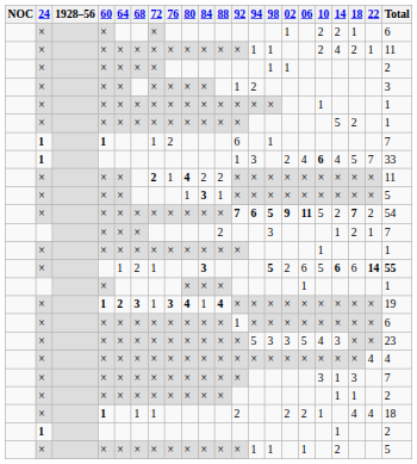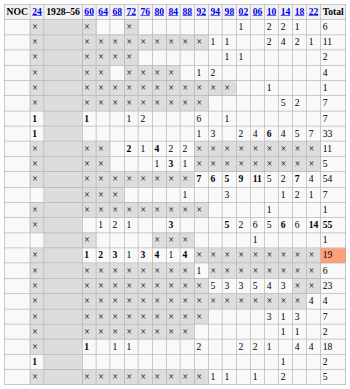 <table class=wikitable collapsible autocollapse plainrowheaders>
 <tr>
 <th>NOC</th>
 <th><a href='#'>24</a></th>
 <th class="unsortable"><span>1928–56</span></th>
 <th><a href='#'>60</a></th>
 <th><a href='#'>64</a></th>
 <th><a href='#'>68</a></th>
 <th><a href='#'>72</a></th>
 <th><a href='#'>76</a></th>
 <th><a href='#'>80</a></th>
 <th><a href='#'>84</a></th>
 <th><a href='#'>88</a></th>
 <th><a href='#'>92</a></th>
 <th><a href='#'>94</a></th>
 <th><a href='#'>98</a></th>
 <th><a href='#'>02</a></th>
 <th><a href='#'>06</a></th>
 <th><a href='#'>10</a></th>
 <th><a href='#'>14</a></th>
 <th><a href='#'>18</a></th>
 <th><a href='#'>22</a></th>
 <th>Total</th>
 </tr>
 <tr>
 <td align=left></td>
 <td style="background:#ddd">×</td>
 <td style="background:#ddd"> </td>
 <td style="background:#ddd">×</td>
 <td></td>
 <td></td>
 <td style="background:#ddd">×</td>
 <td></td>
 <td></td>
 <td></td>
 <td></td>
 <td></td>
 <td></td>
 <td></td>
 <td>1</td>
 <td></td>
 <td>2</td>
 <td>2</td>
 <td>1</td>
 <td></td>
 <td>6</td>
 </tr>
 <tr>
 <td align=left></td>
 <td style="background:#ddd">×</td>
 <td style="background:#ddd"> </td>
 <td style="background:#ddd">×</td>
 <td style="background:#ddd">×</td>
 <td style="background:#ddd">×</td>
 <td style="background:#ddd">×</td>
 <td style="background:#ddd">×</td>
 <td style="background:#ddd">×</td>
 <td style="background:#ddd">×</td>
 <td style="background:#ddd">×</td>
 <td style="background:#ddd">×</td>
 <td>1</td>
 <td>1</td>
 <td></td>
 <td></td>
 <td>2</td>
 <td>4</td>
 <td>2</td>
 <td>1</td>
 <td>11</td>
 </tr>
 <tr>
 <td align=left></td>
 <td style="background:#ddd">×</td>
 <td style="background:#ddd"> </td>
 <td style="background:#ddd">×</td>
 <td style="background:#ddd">×</td>
 <td style="background:#ddd">×</td>
 <td style="background:#ddd">×</td>
 <td></td>
 <td></td>
 <td></td>
 <td></td>
 <td></td>
 <td></td>
 <td>1</td>
 <td>1</td>
 <td></td>
 <td></td>
 <td></td>
 <td></td>
 <td></td>
 <td>2</td>
 </tr>
 <tr>
 <td align=left></td>
 <td style="background:#ddd">×</td>
 <td style="background:#ddd"> </td>
 <td style="background:#ddd">×</td>
 <td style="background:#ddd">×</td>
 <td></td>
 <td style="background:#ddd">×</td>
 <td style="background:#ddd">×</td>
 <td style="background:#ddd">×</td>
 <td style="background:#ddd">×</td>
 <td></td>
 <td>1</td>
 <td>2</td>
 <td></td>
 <td></td>
 <td></td>
 <td></td>
 <td></td>
 <td></td>
 <td></td>
-<td>3</td>
+<td>4</td>
 </tr>
 <tr>
 <td align=left></td>
 <td style="background:#ddd">×</td>
 <td style="background:#ddd"> </td>
 <td style="background:#ddd">×</td>
 <td style="background:#ddd">×</td>
 <td style="background:#ddd">×</td>
 <td style="background:#ddd">×</td>
 <td style="background:#ddd">×</td>
 <td style="background:#ddd">×</td>
 <td style="background:#ddd">×</td>
 <td style="background:#ddd">×</td>
 <td style="background:#ddd">×</td>
 <td style="background:#ddd">×</td>
 <td style="background:#ddd">×</td>
 <td></td>
 <td></td>
 <td>1</td>
 <td></td>
 <td></td>
 <td></td>
 <td>1</td>
 </tr>
 <tr>
 <td align=left></td>
 <td style="background:#ddd">×</td>
 <td style="background:#ddd"> </td>
 <td style="background:#ddd">×</td>
 <td style="background:#ddd">×</td>
 <td style="background:#ddd">×</td>
 <td style="background:#ddd">×</td>
 <td style="background:#ddd">×</td>
 <td style="background:#ddd">×</td>
 <td style="background:#ddd">×</td>
 <td style="background:#ddd">×</td>
 <td style="background:#ddd">×</td>
 <td></td>
 <td></td>
 <td></td>
 <td></td>
 <td></td>
 <td>5</td>
 <td>2</td>
 <td></td>
-<td>1</td>
+<td>7</td>
 </tr>
 <tr>
 <td align=left></td>
 <td><strong>1</strong></td>
 <td style="background:#ddd"> </td>
 <td><strong>1</strong></td>
 <td></td>
 <td></td>
 <td>1</td>
 <td>2</td>
 <td></td>
 <td></td>
 <td></td>
 <td>6</td>
 <td></td>
 <td>1</td>
 <td></td>
 <td></td>
 <td></td>
 <td></td>
 <td></td>
 <td></td>
 <td>7</td>
 </tr>
 <tr>
 <td align=left></td>
 <td><strong>1</strong></td>
 <td style="background:#ddd"> </td>
 <td></td>
 <td></td>
 <td></td>
 <td></td>
 <td></td>
 <td></td>
 <td></td>
 <td></td>
 <td>1</td>
 <td>3</td>
 <td></td>
 <td>2</td>
 <td>4</td>
 <td><strong>6</strong></td>
 <td>4</td>
 <td>5</td>
 <td>7</td>
 <td>33</td>
 </tr>
 <tr>
 <td align=left></td>
 <td style="background:#ddd">×</td>
 <td style="background:#ddd"> </td>
 <td style="background:#ddd">×</td>
 <td style="background:#ddd">×</td>
 <td></td>
 <td><strong>2</strong></td>
 <td>1</td>
 <td><strong>4</strong></td>
 <td>2</td>
 <td>2</td>
 <td style="background:#ddd">×</td>
 <td style="background:#ddd">×</td>
 <td style="background:#ddd">×</td>
 <td style="background:#ddd">×</td>
 <td style="background:#ddd">×</td>
 <td style="background:#ddd">×</td>
 <td style="background:#ddd">×</td>
 <td style="background:#ddd">×</td>
 <td style="background:#ddd">×</td>
 <td>11</td>
 </tr>
 <tr>
 <td align=left></td>
 <td style="background:#ddd">×</td>
 <td style="background:#ddd"> </td>
 <td style="background:#ddd">×</td>
 <td style="background:#ddd">×</td>
 <td></td>
 <td></td>
 <td></td>
 <td>1</td>
 <td><strong>3</strong></td>
 <td>1</td>
 <td style="background:#ddd">×</td>
 <td style="background:#ddd">×</td>
 <td style="background:#ddd">×</td>
 <td style="background:#ddd">×</td>
 <td style="background:#ddd">×</td>
 <td style="background:#ddd">×</td>
 <td style="background:#ddd">×</td>
 <td style="background:#ddd">×</td>
 <td style="background:#ddd">×</td>
 <td>5</td>
 </tr>
 <tr>
 <td align=left></td>
 <td style="background:#ddd">×</td>
 <td style="background:#ddd"> </td>
 <td style="background:#ddd">×</td>
 <td style="background:#ddd">×</td>
 <td style="background:#ddd">×</td>
 <td style="background:#ddd">×</td>
 <td style="background:#ddd">×</td>
 <td style="background:#ddd">×</td>
 <td style="background:#ddd">×</td>
 <td style="background:#ddd">×</td>
 <td><strong>7</strong></td>
 <td><strong>6</strong></td>
 <td><strong>5</strong></td>
 <td><strong>9</strong></td>
 <td><strong>11</strong></td>
 <td>5</td>
 <td>2</td>
 <td><strong>7</strong></td>
-<td>2</td>
+<td>4</td>
 <td>54</td>
 </tr>
 <tr>
 <td align=left></td>
 <td></td>
 <td style="background:#ddd"> </td>
 <td style="background:#ddd">×</td>
 <td style="background:#ddd">×</td>
 <td style="background:#ddd">×</td>
 <td></td>
 <td></td>
 <td></td>
 <td></td>
-<td>2</td>
+<td>1</td>
 <td></td>
 <td></td>
 <td>3</td>
 <td></td>
 <td></td>
 <td></td>
 <td>1</td>
 <td>2</td>
 <td>1</td>
 <td>7</td>
 </tr>
 <tr>
 <td align=left></td>
 <td style="background:#ddd">×</td>
 <td style="background:#ddd"> </td>
 <td style="background:#ddd">×</td>
 <td style="background:#ddd">×</td>
 <td style="background:#ddd">×</td>
 <td style="background:#ddd">×</td>
 <td style="background:#ddd">×</td>
 <td style="background:#ddd">×</td>
 <td style="background:#ddd">×</td>
 <td style="background:#ddd">×</td>
 <td style="background:#ddd">×</td>
 <td></td>
 <td></td>
 <td></td>
 <td></td>
 <td>1</td>
 <td></td>
 <td></td>
 <td></td>
 <td>1</td>
 </tr>
 <tr>
 <td align=left></td>
 <td style="background:#ddd">×</td>
 <td style="background:#ddd"> </td>
 <td></td>
 <td>1</td>
 <td>2</td>
 <td>1</td>
 <td></td>
 <td></td>
 <td><strong>3</strong></td>
 <td></td>
 <td></td>
 <td></td>
 <td><strong>5</strong></td>
 <td>2</td>
 <td>6</td>
 <td>5</td>
 <td><strong>6</strong></td>
 <td>6</td>
 <td><strong>14</strong></td>
 <td><strong>55</strong></td>
 </tr>
 <tr>
 <td align=left></td>
 <td></td>
 <td style="background:#ddd"> </td>
 <td style="background:#ddd">×</td>
 <td></td>
 <td></td>
 <td></td>
 <td></td>
 <td style="background:#ddd">×</td>
 <td style="background:#ddd">×</td>
 <td style="background:#ddd">×</td>
 <td></td>
 <td></td>
 <td></td>
 <td></td>
 <td>1</td>
 <td></td>
 <td></td>
 <td></td>
 <td></td>
 <td>1</td>
 </tr>
 <tr>
 <td align=left></td>
 <td style="background:#ddd">×</td>
 <td style="background:#ddd"> </td>
 <td><strong>1</strong></td>
 <td><strong>2</strong></td>
 <td><strong>3</strong></td>
 <td>1</td>
 <td><strong>3</strong></td>
 <td><strong>4</strong></td>
 <td>1</td>
 <td><strong>4</strong></td>
 <td style="background:#ddd">×</td>
 <td style="background:#ddd">×</td>
 <td style="background:#ddd">×</td>
 <td style="background:#ddd">×</td>
 <td style="background:#ddd">×</td>
 <td style="background:#ddd">×</td>
 <td style="background:#ddd">×</td>
 <td style="background:#ddd">×</td>
 <td style="background:#ddd">×</td>
-<td>19</td>
+<td style="background: lightsalmon;">19</td>
 </tr>
 <tr>
 <td align=left></td>
 <td style="background:#ddd">×</td>
 <td style="background:#ddd"> </td>
 <td style="background:#ddd">×</td>
 <td style="background:#ddd">×</td>
 <td style="background:#ddd">×</td>
 <td style="background:#ddd">×</td>
 <td style="background:#ddd">×</td>
 <td style="background:#ddd">×</td>
 <td style="background:#ddd">×</td>
 <td style="background:#ddd">×</td>
 <td>1</td>
 <td style="background:#ddd">×</td>
 <td style="background:#ddd">×</td>
 <td style="background:#ddd">×</td>
 <td style="background:#ddd">×</td>
 <td style="background:#ddd">×</td>
 <td style="background:#ddd">×</td>
 <td style="background:#ddd">×</td>
 <td style="background:#ddd">×</td>
 <td>6</td>
 </tr>
 <tr>
 <td align=left></td>
 <td style="background:#ddd">×</td>
 <td style="background:#ddd"> </td>
 <td style="background:#ddd">×</td>
 <td style="background:#ddd">×</td>
 <td style="background:#ddd">×</td>
 <td style="background:#ddd">×</td>
 <td style="background:#ddd">×</td>
 <td style="background:#ddd">×</td>
 <td style="background:#ddd">×</td>
 <td style="background:#ddd">×</td>
 <td style="background:#ddd">×</td>
 <td>5</td>
 <td>3</td>
 <td>3</td>
 <td>5</td>
 <td>4</td>
 <td>3</td>
 <td style="background:#ddd">×</td>
 <td style="background:#ddd">×</td>
 <td>23</td>
 </tr>
 <tr>
 <td align=left></td>
 <td style="background:#ddd">×</td>
 <td style="background:#ddd"> </td>
 <td style="background:#ddd">×</td>
 <td style="background:#ddd">×</td>
 <td style="background:#ddd">×</td>
 <td style="background:#ddd">×</td>
 <td style="background:#ddd">×</td>
 <td style="background:#ddd">×</td>
 <td style="background:#ddd">×</td>
 <td style="background:#ddd">×</td>
 <td style="background:#ddd">×</td>
 <td style="background:#ddd">×</td>
 <td style="background:#ddd">×</td>
 <td style="background:#ddd">×</td>
 <td style="background:#ddd">×</td>
 <td style="background:#ddd">×</td>
 <td style="background:#ddd">×</td>
 <td style="background:#ddd">×</td>
 <td>4</td>
 <td>4</td>
 </tr>
 <tr>
 <td align=left></td>
 <td style="background:#ddd">×</td>
 <td style="background:#ddd"> </td>
 <td style="background:#ddd">×</td>
 <td style="background:#ddd">×</td>
 <td style="background:#ddd">×</td>
 <td style="background:#ddd">×</td>
 <td style="background:#ddd">×</td>
 <td style="background:#ddd">×</td>
 <td style="background:#ddd">×</td>
 <td style="background:#ddd">×</td>
 <td style="background:#ddd">×</td>
 <td></td>
 <td></td>
 <td></td>
 <td></td>
 <td>3</td>
 <td>1</td>
 <td>3</td>
 <td></td>
 <td>7</td>
 </tr>
 <tr>
 <td align=left></td>
 <td style="background:#ddd">×</td>
 <td style="background:#ddd"> </td>
 <td style="background:#ddd">×</td>
 <td style="background:#ddd">×</td>
 <td style="background:#ddd">×</td>
 <td style="background:#ddd">×</td>
 <td style="background:#ddd">×</td>
 <td style="background:#ddd">×</td>
 <td style="background:#ddd">×</td>
 <td style="background:#ddd">×</td>
 <td></td>
 <td></td>
 <td></td>
 <td></td>
 <td></td>
 <td></td>
 <td>1</td>
 <td>1</td>
 <td></td>
 <td>2</td>
 </tr>
 <tr>
 <td align=left></td>
 <td style="background:#ddd">×</td>
 <td style="background:#ddd"> </td>
 <td><strong>1</strong></td>
 <td></td>
 <td>1</td>
 <td>1</td>
 <td></td>
 <td></td>
 <td></td>
 <td></td>
 <td>2</td>
 <td></td>
 <td></td>
 <td>2</td>
 <td>2</td>
 <td>1</td>
 <td></td>
 <td>4</td>
 <td>4</td>
 <td>18</td>
 </tr>
 <tr>
 <td align=left></td>
 <td><strong>1</strong></td>
 <td style="background:#ddd"> </td>
 <td></td>
 <td></td>
 <td></td>
 <td></td>
 <td></td>
 <td></td>
 <td></td>
 <td></td>
 <td></td>
 <td></td>
 <td></td>
 <td></td>
 <td></td>
 <td></td>
 <td>1</td>
 <td></td>
 <td></td>
 <td>2</td>
 </tr>
 <tr>
 <td align=left></td>
 <td style="background:#ddd">×</td>
 <td style="background:#ddd"> </td>
 <td style="background:#ddd">×</td>
 <td style="background:#ddd">×</td>
 <td style="background:#ddd">×</td>
 <td style="background:#ddd">×</td>
 <td style="background:#ddd">×</td>
 <td style="background:#ddd">×</td>
 <td style="background:#ddd">×</td>
 <td style="background:#ddd">×</td>
 <td style="background:#ddd">×</td>
 <td>1</td>
 <td>1</td>
 <td></td>
 <td>1</td>
 <td></td>
 <td>2</td>
 <td></td>
 <td></td>
 <td>5</td>
 </tr>
 </table>
